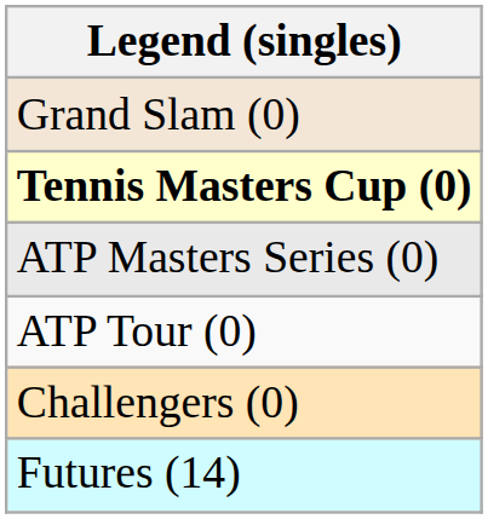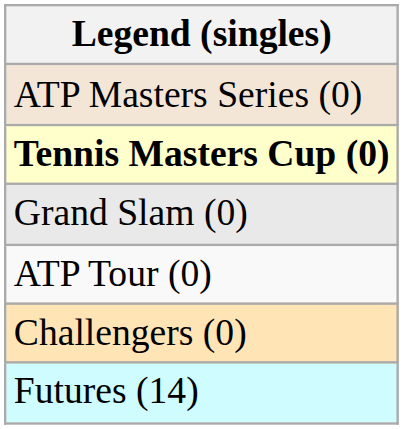 <table class="wikitable">
 <tr>
 <th>Legend (singles)</th>
 </tr>
 <tr bgcolor="#f3e6d7">
-<td>Grand Slam (0)</td>
+<td>ATP Masters Series (0)</td>
 </tr>
 <tr bgcolor="ffffcc">
 <td><strong>Tennis Masters Cup (0)</strong></td>
 </tr>
 <tr bgcolor="#e9e9e9">
-<td>ATP Masters Series (0)</td>
+<td>Grand Slam (0)</td>
 </tr>
 <tr>
 <td>ATP Tour (0)</td>
 </tr>
 <tr bgcolor="moccasin">
 <td>Challengers (0)</td>
 </tr>
 <tr bgcolor="CFFCFF">
 <td>Futures (14)</td>
 </tr>
 </table>
